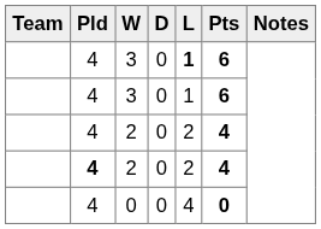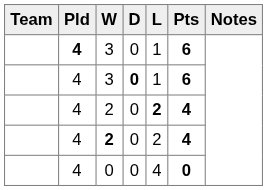 <table style=border-collapse:collapse border=1 cellspacing=0 cellpadding=5>
 <tr align=center bgcolor=#efefef>
 <th>Team</th>
 <th>Pld</th>
 <th>W</th>
 <th>D</th>
 <th>L</th>
 <th>Pts</th>
 <th>Notes</th>
 </tr>
 <tr align=center style="background:#FFFFFF;">
 <td style="text-align:left;"> </td>
-<td>4</td>
+<td><strong>4</strong></td>
 <td>3</td>
 <td>0</td>
-<td><strong>1</strong></td>
+<td>1</td>
 <td><strong>6</strong></td>
 <td rowspan=5></td>
 </tr>
 <tr align=center style="background:#FFFFFF;">
 <td style="text-align:left;"> </td>
 <td>4</td>
 <td>3</td>
-<td>0</td>
+<td><strong>0</strong></td>
 <td>1</td>
 <td><strong>6</strong></td>
 </tr>
 <tr align=center style="background:#FFFFFF;">
 <td style="text-align:left;"> </td>
 <td>4</td>
 <td>2</td>
 <td>0</td>
-<td>2</td>
+<td><strong>2</strong></td>
 <td><strong>4</strong></td>
 </tr>
 <tr align=center style="background:#FFFFFF;">
 <td style="text-align:left;"> </td>
-<td><strong>4</strong></td>
-<td>2</td>
+<td>4</td>
+<td><strong>2</strong></td>
 <td>0</td>
 <td>2</td>
 <td><strong>4</strong></td>
 </tr>
 <tr align=center style="background:#FFFFFF;">
 <td style="text-align:left;"> </td>
 <td>4</td>
 <td>0</td>
 <td>0</td>
 <td>4</td>
 <td><strong>0</strong></td>
 </tr>
 </table>
